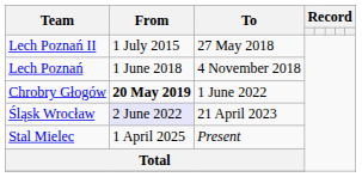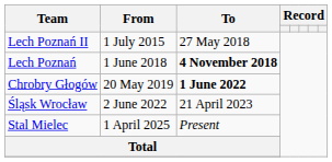 <table class=wikitable style="text-align: center">
 <tr>
 <th rowspan="2">Team</th>
 <th rowspan="2">From</th>
 <th rowspan="2">To</th>
 <th colspan="5">Record</th>
 </tr>
 <tr>
 <th></th>
 <th></th>
 <th></th>
 <th></th>
 <th></th>
 </tr>
 <tr>
 <td align="left"><a href='#'>Lech Poznań II</a></td>
 <td align="left">1 July 2015</td>
 <td align="left">27 May 2018<br></td>
 </tr>
 <tr>
 <td align="left"><a href='#'>Lech Poznań</a></td>
 <td align="left">1 June 2018</td>
-<td align="left">4 November 2018<br></td>
+<td align="left"><strong>4 November 2018<br></strong></td>
 </tr>
 <tr>
 <td align="left"><a href='#'>Chrobry Głogów</a></td>
-<td align="left"><strong>20 May 2019</strong></td>
-<td align="left">1 June 2022<br></td>
+<td align="left">20 May 2019</td>
+<td align="left"><strong>1 June 2022<br></strong></td>
 </tr>
 <tr>
 <td align="left"><a href='#'>Śląsk Wrocław</a></td>
-<td align="left" style="background: lavender;">2 June 2022</td>
+<td align="left">2 June 2022</td>
 <td align="left">21 April 2023<br></td>
 </tr>
 <tr>
 <td align="left"><a href='#'>Stal Mielec</a></td>
 <td align="left">1 April 2025</td>
 <td align="left"><em>Present</em><br></td>
 </tr>
 <tr>
 <th colspan="3">Total<br></th>
 </tr>
 <tr>
 </tr>
 </table>
